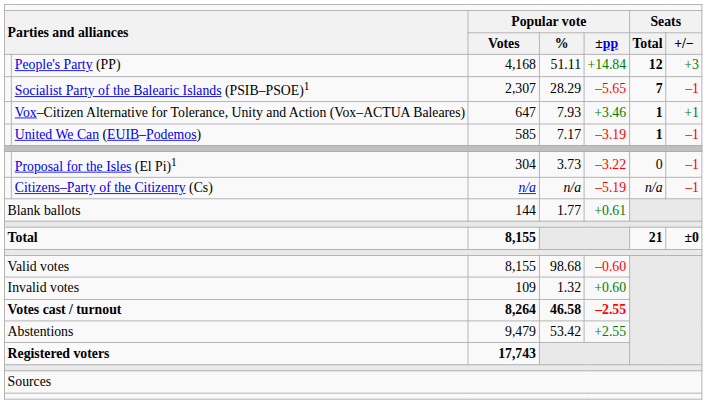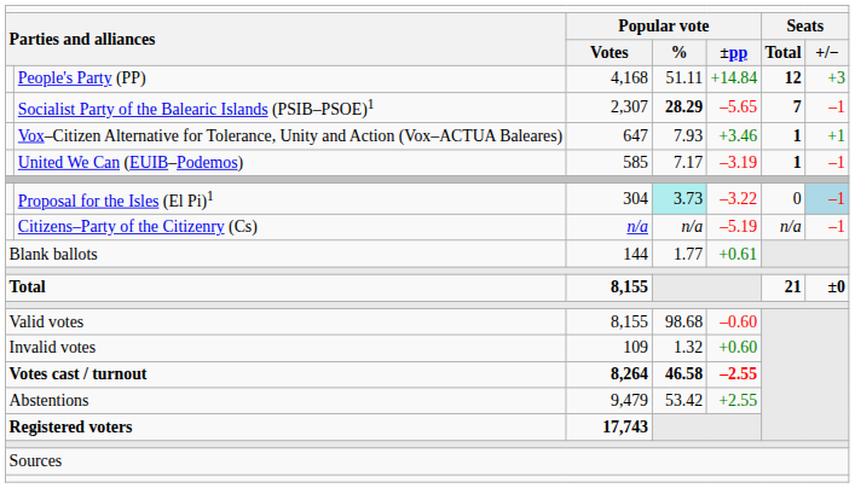 <table class="wikitable" style="text-align:right;">
 <tr>
 <td colspan="7"></td>
 </tr>
 <tr>
 <th style="text-align:left;" rowspan="2" colspan="2" width="525">Parties and alliances</th>
 <th colspan="3">Popular vote</th>
 <th colspan="2">Seats</th>
 </tr>
 <tr>
 <th width="75">Votes</th>
 <th width="45">%</th>
 <th width="45">±<a href='#'>pp</a></th>
 <th width="35">Total</th>
 <th width="35">+/−</th>
 </tr>
 <tr>
 <td width="1" style="color:inherit;background:"></td>
 <td align="left"><a href='#'>People's Party</a> (PP)</td>
 <td>4,168</td>
 <td>51.11</td>
 <td style="color:green;">+14.84</td>
 <td><strong>12</strong></td>
 <td style="color:green;">+3</td>
 </tr>
 <tr>
 <td style="color:inherit;background:"></td>
 <td align="left"><a href='#'>Socialist Party of the Balearic Islands</a> (PSIB–PSOE)<sup>1</sup></td>
 <td>2,307</td>
-<td>28.29</td>
+<td><strong>28.29</strong></td>
 <td style="color:red;">–5.65</td>
 <td><strong>7</strong></td>
 <td style="color:red;">–1</td>
 </tr>
 <tr>
 <td style="color:inherit;background:"></td>
 <td align="left"><a href='#'>Vox</a>–Citizen Alternative for Tolerance, Unity and Action (Vox–ACTUA Baleares)</td>
 <td>647</td>
 <td>7.93</td>
 <td style="color:green;">+3.46</td>
 <td><strong>1</strong></td>
 <td style="color:green;">+1</td>
 </tr>
 <tr>
 <td style="color:inherit;background:"></td>
 <td align="left"><a href='#'>United We Can</a> (<a href='#'>EUIB</a>–<a href='#'>Podemos</a>)</td>
 <td>585</td>
 <td>7.17</td>
 <td style="color:red;">–3.19</td>
 <td><strong>1</strong></td>
 <td style="color:red;">–1</td>
 </tr>
 <tr>
 <td colspan="7" bgcolor="#C0C0C0"></td>
 </tr>
 <tr>
 <td style="color:inherit;background:"></td>
 <td align="left"><a href='#'>Proposal for the Isles</a> (El Pi)<sup>1</sup></td>
 <td>304</td>
-<td>3.73</td>
+<td style="background: paleturquoise;">3.73</td>
 <td style="color:red;">–3.22</td>
 <td>0</td>
-<td style="color:red;">–1</td>
+<td style="background: lightblue; color:red;">–1</td>
 </tr>
 <tr>
 <td style="color:inherit;background:"></td>
 <td align="left"><a href='#'>Citizens–Party of the Citizenry</a> (Cs)</td>
 <td><em><a href='#'>n/a</a></em></td>
 <td><em>n/a</em></td>
 <td style="color:red;">–5.19</td>
 <td><em>n/a</em></td>
 <td style="color:red;">–1</td>
 </tr>
 <tr>
 <td align="left" colspan="2">Blank ballots</td>
 <td>144</td>
 <td>1.77</td>
 <td style="color:green;">+0.61</td>
 <td bgcolor="#E9E9E9" colspan="2"></td>
 </tr>
 <tr>
 <td colspan="7" bgcolor="#E9E9E9"></td>
 </tr>
 <tr style="font-weight:bold;">
 <td align="left" colspan="2">Total</td>
 <td>8,155</td>
 <td bgcolor="#E9E9E9" colspan="2"></td>
 <td>21</td>
 <td>±0</td>
 </tr>
 <tr>
 <td colspan="7" bgcolor="#E9E9E9"></td>
 </tr>
 <tr>
 <td align="left" colspan="2">Valid votes</td>
 <td>8,155</td>
 <td>98.68</td>
 <td style="color:red;">–0.60</td>
 <td bgcolor="#E9E9E9" colspan="2" rowspan="5"></td>
 </tr>
 <tr>
 <td align="left" colspan="2">Invalid votes</td>
 <td>109</td>
 <td>1.32</td>
 <td style="color:green;">+0.60</td>
 </tr>
 <tr style="font-weight:bold;">
 <td align="left" colspan="2">Votes cast / turnout</td>
 <td>8,264</td>
 <td>46.58</td>
 <td style="color:red;">–2.55</td>
 </tr>
 <tr>
 <td align="left" colspan="2">Abstentions</td>
 <td>9,479</td>
 <td>53.42</td>
 <td style="color:green;">+2.55</td>
 </tr>
 <tr style="font-weight:bold;">
 <td align="left" colspan="2">Registered voters</td>
 <td>17,743</td>
 <td bgcolor="#E9E9E9" colspan="2"></td>
 </tr>
 <tr>
 <td colspan="7" bgcolor="#E9E9E9"></td>
 </tr>
 <tr>
 <td align="left" colspan="7">Sources</td>
 </tr>
 <tr>
 <td colspan="7" style="text-align:left; max-width:790px;"></td>
 </tr>
 </table>
